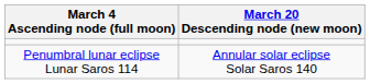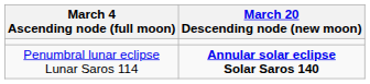 <table class="wikitable">
 <tr>
 <th>March 4<br>Ascending node (full moon)<br></th>
 <th><a href='#'>March 20</a><br>Descending node (new moon)<br></th>
 </tr>
 <tr>
 <td></td>
 <td></td>
 </tr>
 <tr align=center>
 <td><a href='#'>Penumbral lunar eclipse</a><br>Lunar Saros 114</td>
-<td><a href='#'>Annular solar eclipse</a><br>Solar Saros 140</td>
+<td><strong><a href='#'>Annular solar eclipse</a><br>Solar Saros 140</strong></td>
 </tr>
 </table>
